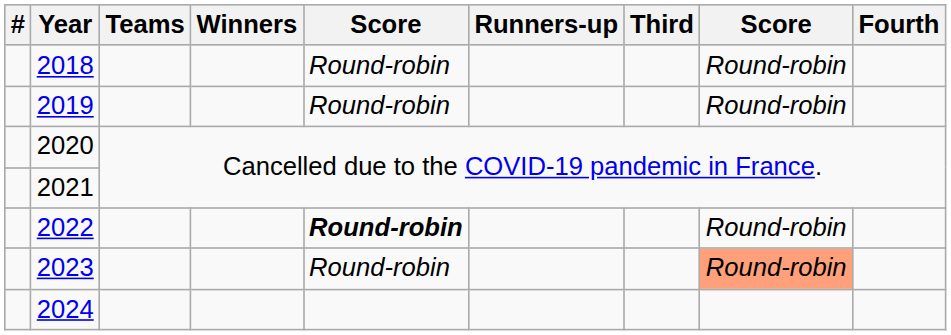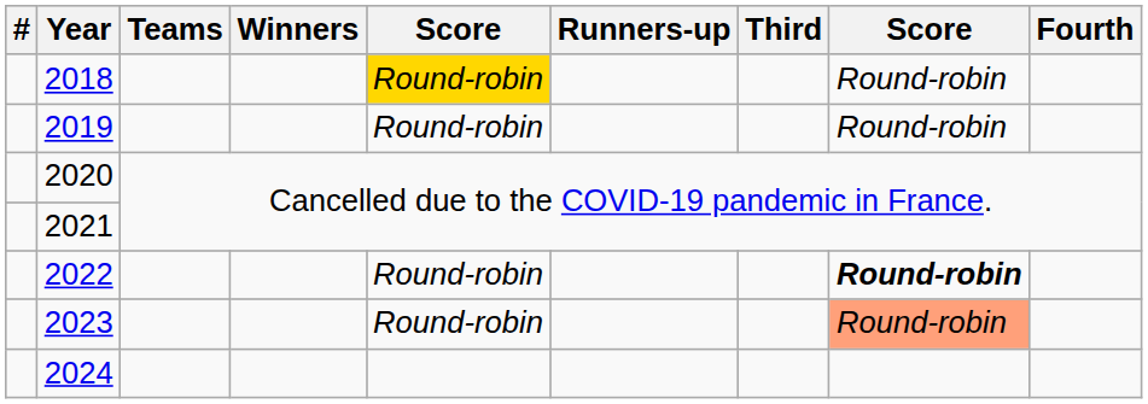 <table class="wikitable">
 <tr>
 <th>#</th>
 <th>Year</th>
 <th>Teams</th>
 <th>Winners</th>
 <th>Score</th>
 <th>Runners-up</th>
 <th>Third</th>
 <th>Score</th>
 <th>Fourth</th>
 </tr>
 <tr>
 <td></td>
 <td><a href='#'>2018</a></td>
 <td></td>
 <td></td>
-<td><em>Round-robin</em></td>
+<td style="background: gold;"><em>Round-robin</em></td>
 <td></td>
 <td></td>
 <td><em>Round-robin</em></td>
 <td></td>
 </tr>
 <tr>
 <td></td>
 <td><a href='#'>2019</a></td>
 <td></td>
 <td></td>
 <td><em>Round-robin</em></td>
 <td></td>
 <td></td>
 <td><em>Round-robin</em></td>
 <td></td>
 </tr>
 <tr>
 <td></td>
 <td>2020</td>
 <td colspan=7 align=center rowspan=2>Cancelled due to the <a href='#'>COVID-19 pandemic in France</a>.</td>
 </tr>
 <tr>
 <td></td>
 <td>2021</td>
 </tr>
 <tr>
 <td></td>
 <td><a href='#'>2022</a></td>
 <td></td>
 <td></td>
-<td><strong><em>Round-robin</em></strong></td>
+<td><em>Round-robin</em></td>
 <td></td>
 <td></td>
-<td><em>Round-robin</em></td>
+<td><strong><em>Round-robin</em></strong></td>
 <td></td>
 </tr>
 <tr>
 <td></td>
 <td><a href='#'>2023</a></td>
 <td></td>
 <td></td>
 <td><em>Round-robin</em></td>
 <td></td>
 <td></td>
 <td style="background: lightsalmon;"><em>Round-robin</em></td>
 <td></td>
 </tr>
 <tr>
 <td></td>
 <td><a href='#'>2024</a></td>
 <td></td>
 <td></td>
 <td></td>
 <td></td>
 <td></td>
 <td></td>
 <td></td>
 </tr>
 </table>
